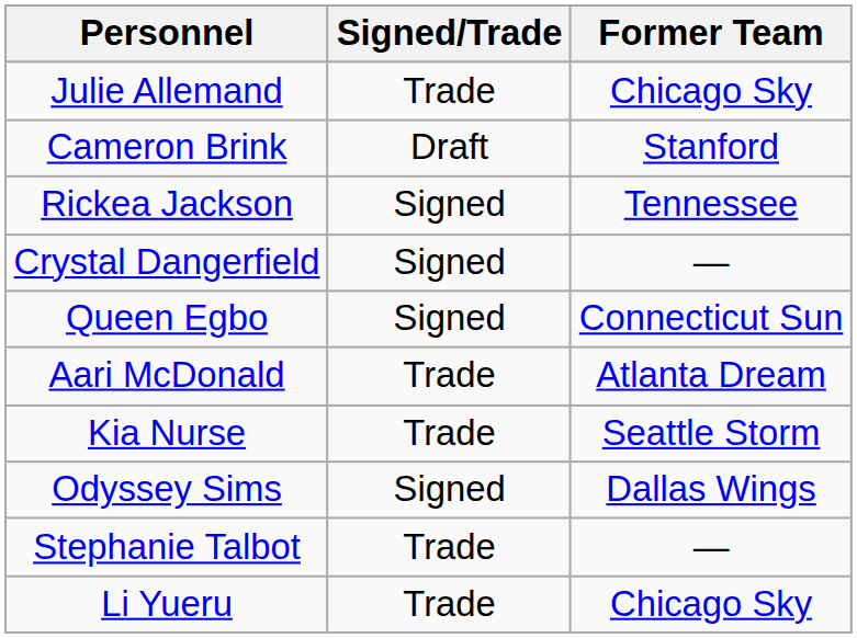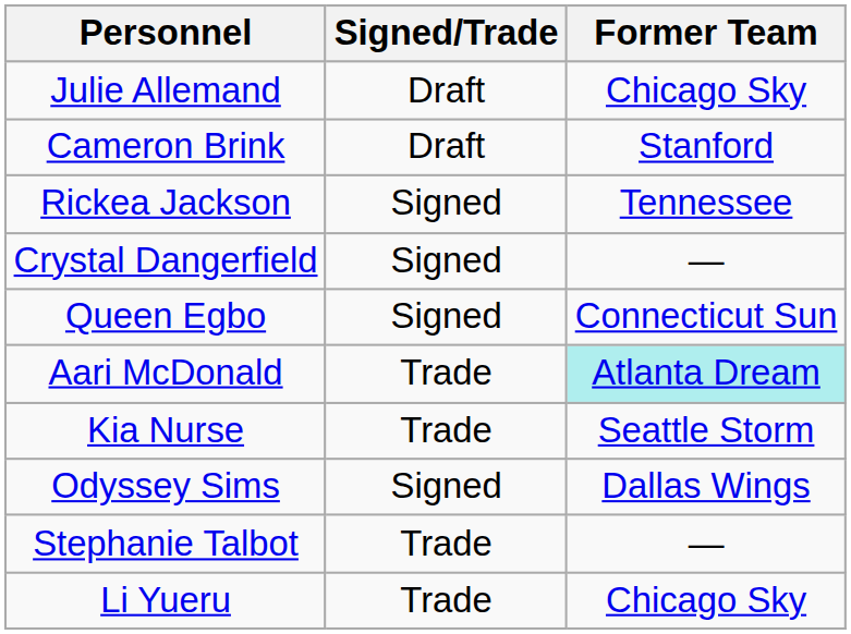 <table class="wikitable" style="text-align: center">
 <tr align="center" bgcolor="#dddddd">
 <th><strong>Personnel</strong></th>
 <th><strong>Signed/Trade</strong></th>
 <th><strong>Former Team</strong></th>
 </tr>
 <tr>
 <td><a href='#'>Julie Allemand</a></td>
-<td>Trade</td>
+<td>Draft</td>
 <td><a href='#'>Chicago Sky</a></td>
 </tr>
 <tr>
 <td><a href='#'>Cameron Brink</a></td>
 <td>Draft</td>
 <td><a href='#'>Stanford</a></td>
 </tr>
 <tr>
 <td><a href='#'>Rickea Jackson</a></td>
 <td>Signed</td>
 <td><a href='#'>Tennessee</a></td>
 </tr>
 <tr>
 <td><a href='#'>Crystal Dangerfield</a></td>
 <td>Signed</td>
 <td>—</td>
 </tr>
 <tr>
 <td><a href='#'>Queen Egbo</a></td>
 <td>Signed</td>
 <td><a href='#'>Connecticut Sun</a></td>
 </tr>
 <tr>
 <td><a href='#'>Aari McDonald</a></td>
 <td>Trade</td>
-<td><a href='#'>Atlanta Dream</a></td>
+<td style="background: paleturquoise;"><a href='#'>Atlanta Dream</a></td>
 </tr>
 <tr>
 <td><a href='#'>Kia Nurse</a></td>
 <td>Trade</td>
 <td><a href='#'>Seattle Storm</a></td>
 </tr>
 <tr>
 <td><a href='#'>Odyssey Sims</a></td>
 <td>Signed</td>
 <td><a href='#'>Dallas Wings</a></td>
 </tr>
 <tr>
 <td><a href='#'>Stephanie Talbot</a></td>
 <td>Trade</td>
 <td>—</td>
 </tr>
 <tr>
 <td><a href='#'>Li Yueru</a></td>
 <td>Trade</td>
 <td><a href='#'>Chicago Sky</a></td>
 </tr>
 </table>
